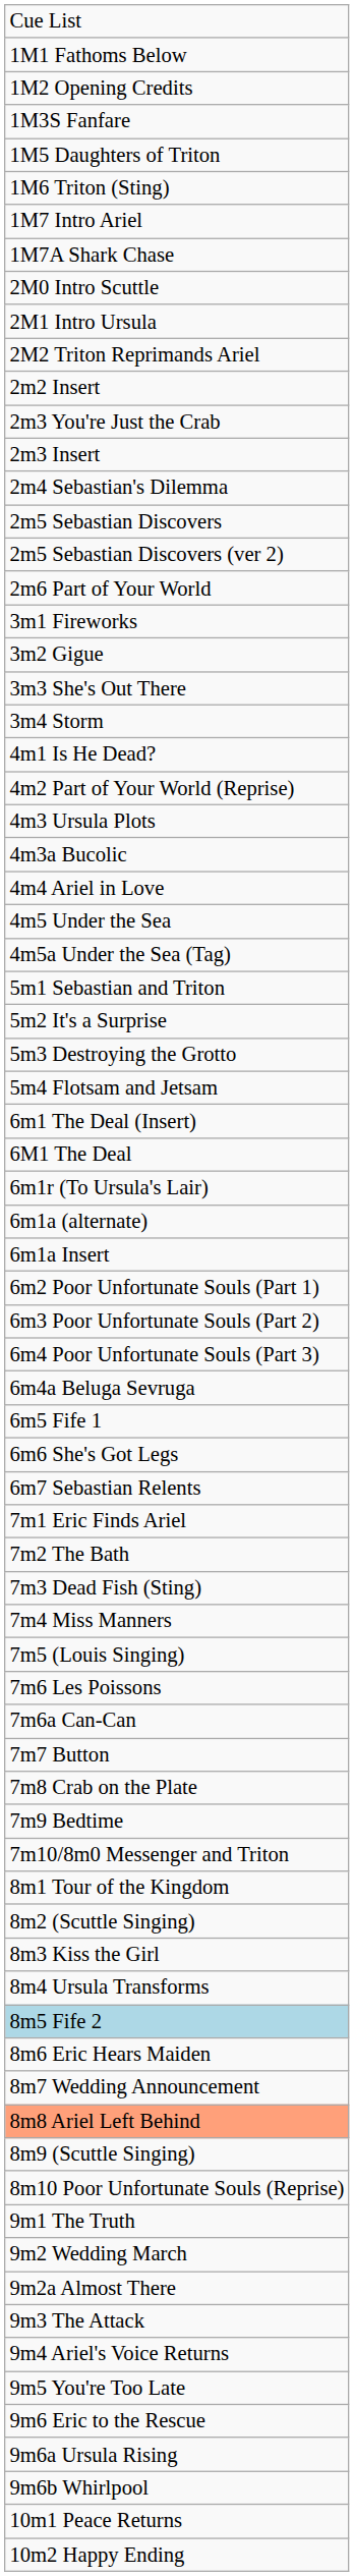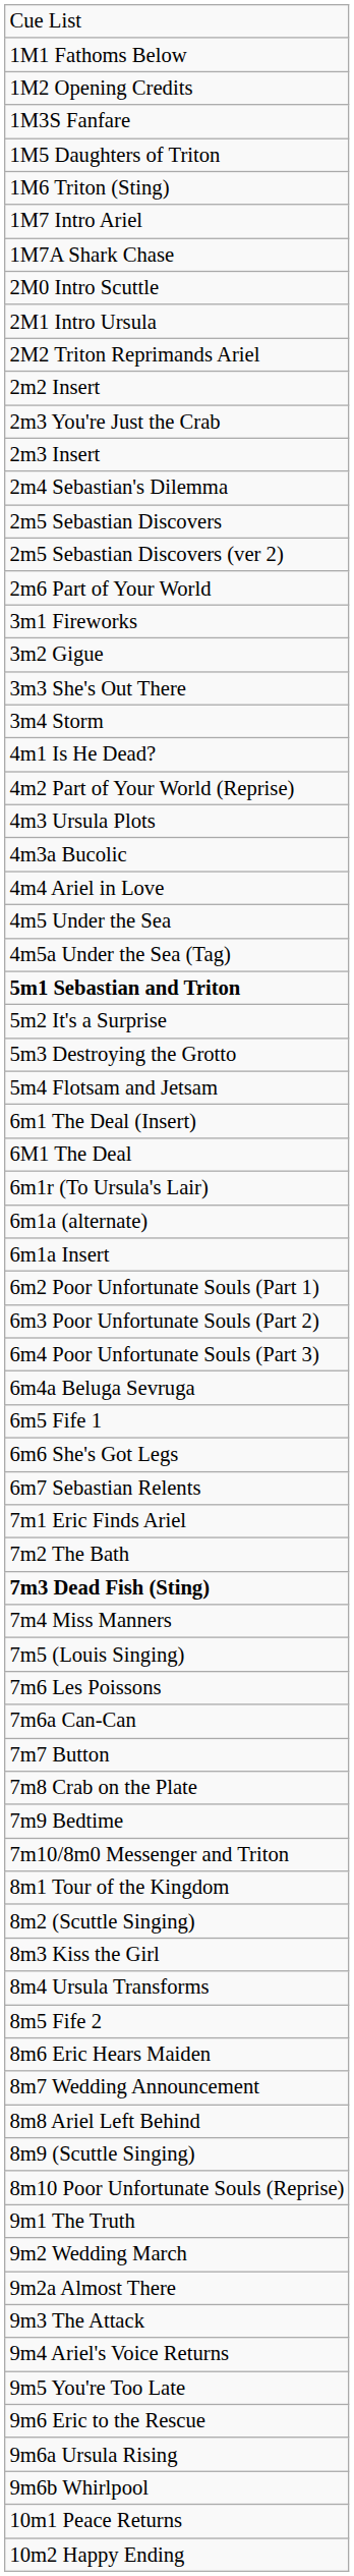 <table class="wikitable mw-collapsible mw-collapsed">
 <tr>
 <td>Cue List</td>
 </tr>
 <tr>
 <td>1M1 Fathoms Below</td>
 </tr>
 <tr>
 <td>1M2 Opening Credits</td>
 </tr>
 <tr>
 <td>1M3S Fanfare</td>
 </tr>
 <tr>
 <td>1M5 Daughters of Triton</td>
 </tr>
 <tr>
 <td>1M6 Triton (Sting)</td>
 </tr>
 <tr>
 <td>1M7 Intro Ariel</td>
 </tr>
 <tr>
 <td>1M7A Shark Chase</td>
 </tr>
 <tr>
 <td>2M0 Intro Scuttle</td>
 </tr>
 <tr>
 <td>2M1 Intro Ursula</td>
 </tr>
 <tr>
 <td>2M2 Triton Reprimands Ariel</td>
 </tr>
 <tr>
 <td>2m2 Insert</td>
 </tr>
 <tr>
 <td>2m3 You're Just the Crab</td>
 </tr>
 <tr>
 <td>2m3 Insert</td>
 </tr>
 <tr>
 <td>2m4 Sebastian's Dilemma</td>
 </tr>
 <tr>
 <td>2m5 Sebastian Discovers</td>
 </tr>
 <tr>
 <td>2m5 Sebastian Discovers (ver 2)</td>
 </tr>
 <tr>
 <td>2m6 Part of Your World</td>
 </tr>
 <tr>
 <td>3m1 Fireworks</td>
 </tr>
 <tr>
 <td>3m2 Gigue</td>
 </tr>
 <tr>
 <td>3m3 She's Out There</td>
 </tr>
 <tr>
 <td>3m4 Storm</td>
 </tr>
 <tr>
 <td>4m1 Is He Dead?</td>
 </tr>
 <tr>
 <td>4m2 Part of Your World (Reprise)</td>
 </tr>
 <tr>
 <td>4m3 Ursula Plots</td>
 </tr>
 <tr>
 <td>4m3a Bucolic</td>
 </tr>
 <tr>
 <td>4m4 Ariel in Love</td>
 </tr>
 <tr>
 <td>4m5 Under the Sea</td>
 </tr>
 <tr>
 <td>4m5a Under the Sea (Tag)</td>
 </tr>
 <tr>
-<td>5m1 Sebastian and Triton</td>
+<td><strong>5m1 Sebastian and Triton</strong></td>
 </tr>
 <tr>
 <td>5m2 It's a Surprise</td>
 </tr>
 <tr>
 <td>5m3 Destroying the Grotto</td>
 </tr>
 <tr>
 <td>5m4 Flotsam and Jetsam</td>
 </tr>
 <tr>
 <td>6m1 The Deal (Insert)</td>
 </tr>
 <tr>
 <td>6M1 The Deal</td>
 </tr>
 <tr>
 <td>6m1r (To Ursula's Lair)</td>
 </tr>
 <tr>
 <td>6m1a (alternate)</td>
 </tr>
 <tr>
 <td>6m1a Insert</td>
 </tr>
 <tr>
 <td>6m2 Poor Unfortunate Souls (Part 1)</td>
 </tr>
 <tr>
 <td>6m3 Poor Unfortunate Souls (Part 2)</td>
 </tr>
 <tr>
 <td>6m4 Poor Unfortunate Souls (Part 3)</td>
 </tr>
 <tr>
 <td>6m4a Beluga Sevruga</td>
 </tr>
 <tr>
 <td>6m5 Fife 1</td>
 </tr>
 <tr>
 <td>6m6 She's Got Legs</td>
 </tr>
 <tr>
 <td>6m7 Sebastian Relents</td>
 </tr>
 <tr>
 <td>7m1 Eric Finds Ariel</td>
 </tr>
 <tr>
 <td>7m2 The Bath</td>
 </tr>
 <tr>
-<td>7m3 Dead Fish (Sting)</td>
+<td><strong>7m3 Dead Fish (Sting)</strong></td>
 </tr>
 <tr>
 <td>7m4 Miss Manners</td>
 </tr>
 <tr>
 <td>7m5 (Louis Singing)</td>
 </tr>
 <tr>
 <td>7m6 Les Poissons</td>
 </tr>
 <tr>
 <td>7m6a Can-Can</td>
 </tr>
 <tr>
 <td>7m7 Button</td>
 </tr>
 <tr>
 <td>7m8 Crab on the Plate</td>
 </tr>
 <tr>
 <td>7m9 Bedtime</td>
 </tr>
 <tr>
 <td>7m10/8m0 Messenger and Triton</td>
 </tr>
 <tr>
 <td>8m1 Tour of the Kingdom</td>
 </tr>
 <tr>
 <td>8m2 (Scuttle Singing)</td>
 </tr>
 <tr>
 <td>8m3 Kiss the Girl</td>
 </tr>
 <tr>
 <td>8m4 Ursula Transforms</td>
 </tr>
 <tr>
-<td style="background: lightblue;">8m5 Fife 2</td>
+<td>8m5 Fife 2</td>
 </tr>
 <tr>
 <td>8m6 Eric Hears Maiden</td>
 </tr>
 <tr>
 <td>8m7 Wedding Announcement</td>
 </tr>
 <tr>
-<td style="background: lightsalmon;">8m8 Ariel Left Behind</td>
+<td>8m8 Ariel Left Behind</td>
 </tr>
 <tr>
 <td>8m9 (Scuttle Singing)</td>
 </tr>
 <tr>
 <td>8m10 Poor Unfortunate Souls (Reprise)</td>
 </tr>
 <tr>
 <td>9m1 The Truth</td>
 </tr>
 <tr>
 <td>9m2 Wedding March</td>
 </tr>
 <tr>
 <td>9m2a Almost There</td>
 </tr>
 <tr>
 <td>9m3 The Attack</td>
 </tr>
 <tr>
 <td>9m4 Ariel's Voice Returns</td>
 </tr>
 <tr>
 <td>9m5 You're Too Late</td>
 </tr>
 <tr>
 <td>9m6 Eric to the Rescue</td>
 </tr>
 <tr>
 <td>9m6a Ursula Rising</td>
 </tr>
 <tr>
 <td>9m6b Whirlpool</td>
 </tr>
 <tr>
 <td>10m1 Peace Returns</td>
 </tr>
 <tr>
 <td>10m2 Happy Ending</td>
 </tr>
 </table>
